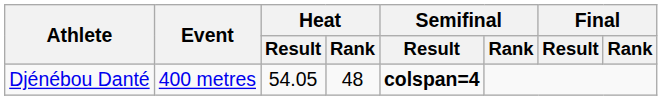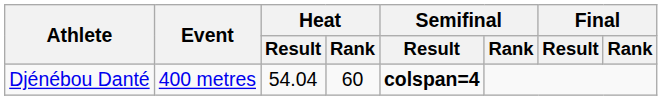 <table class="wikitable" style="font-size:90%">
 <tr>
 <th rowspan="2">Athlete</th>
 <th rowspan="2">Event</th>
 <th colspan="2">Heat</th>
 <th colspan="2">Semifinal</th>
 <th colspan="2">Final</th>
 </tr>
 <tr style="font-size:95%">
 <th>Result</th>
 <th>Rank</th>
 <th>Result</th>
 <th>Rank</th>
 <th>Result</th>
 <th>Rank</th>
 </tr>
 <tr style=text-align:center>
 <td style=text-align:left><a href='#'>Djénébou Danté</a></td>
 <td style=text-align:left><a href='#'>400 metres</a></td>
-<td>54.05</td>
-<td>48</td>
+<td>54.04</td>
+<td>60</td>
 <td><strong>colspan=4 </strong></td>
 </tr>
 </table>
